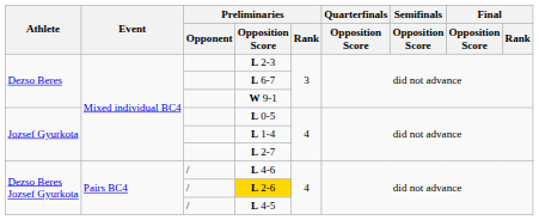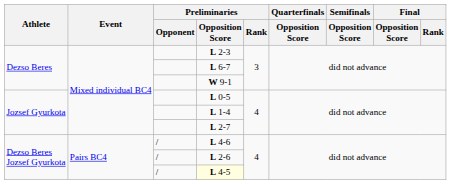 <table class=wikitable style="font-size:90%">
 <tr>
 <th rowspan="2">Athlete</th>
 <th rowspan="2">Event</th>
 <th colspan="3">Preliminaries</th>
 <th>Quarterfinals</th>
 <th>Semifinals</th>
 <th colspan="2">Final</th>
 </tr>
 <tr>
 <th>Opponent</th>
 <th>Opposition<br>Score</th>
 <th>Rank</th>
 <th>Opposition<br>Score</th>
 <th>Opposition<br>Score</th>
 <th>Opposition<br>Score</th>
 <th>Rank</th>
 </tr>
 <tr>
 <td rowspan="3"><a href='#'>Dezso Beres</a></td>
 <td rowspan="6"><a href='#'>Mixed individual BC4</a></td>
 <td align="left"></td>
 <td align="center"><strong>L</strong> 2-3</td>
 <td align="center" rowspan="3">3</td>
 <td align="center" rowspan="3" colspan="4">did not advance</td>
 </tr>
 <tr>
 <td align="left"></td>
 <td align="center"><strong>L</strong> 6-7</td>
 </tr>
 <tr>
 <td align="left"></td>
 <td align="center"><strong>W</strong> 9-1</td>
 </tr>
 <tr>
 <td rowspan="3"><a href='#'>Jozsef Gyurkota</a></td>
 <td align="left"></td>
 <td align="center"><strong>L</strong> 0-5</td>
 <td align="center" rowspan="3">4</td>
 <td align="center" rowspan="3" colspan="4">did not advance</td>
 </tr>
 <tr>
 <td align="left"></td>
 <td align="center"><strong>L</strong> 1-4</td>
 </tr>
 <tr>
 <td align="left"></td>
 <td align="center"><strong>L</strong> 2-7</td>
 </tr>
 <tr>
 <td rowspan="3"><a href='#'>Dezso Beres</a><br> <a href='#'>Jozsef Gyurkota</a></td>
 <td rowspan="3"><a href='#'>Pairs BC4</a></td>
 <td align="left"> /<br> </td>
 <td align="center"><strong>L</strong> 4-6</td>
 <td align="center" rowspan="3">4</td>
 <td align="center" rowspan="3" colspan="4">did not advance</td>
 </tr>
 <tr>
 <td align="left"> /<br> </td>
-<td align="center" style="background: gold;"><strong>L</strong> 2-6</td>
+<td align="center"><strong>L</strong> 2-6</td>
 </tr>
 <tr>
 <td align="left"> /<br> </td>
-<td align="center"><strong>L</strong> 4-5</td>
+<td align="center" style="background: lightyellow;"><strong>L</strong> 4-5</td>
 </tr>
 </table>
